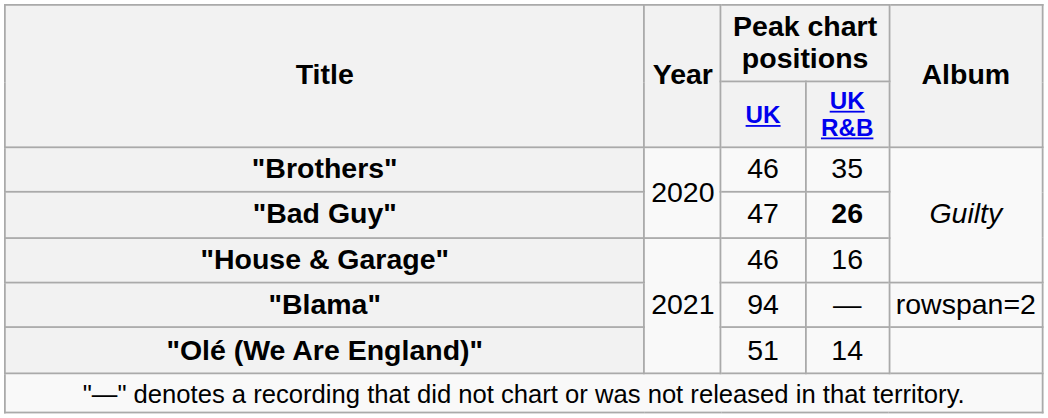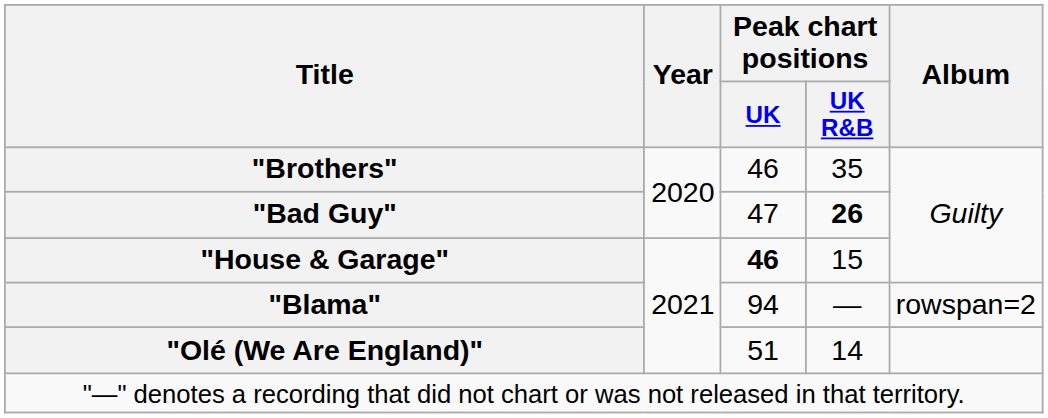 <table class="wikitable plainrowheaders" style="text-align:center;">
 <tr>
 <th scope="col" rowspan="2" style="width:22em;">Title</th>
 <th scope="col" rowspan="2">Year</th>
 <th scope="col" colspan="2">Peak chart positions</th>
 <th scope="col" rowspan="2">Album</th>
 </tr>
 <tr>
 <th scope="col" style="width:3em;font-size:85%;"><a href='#'>UK</a><br></th>
 <th scope="col" style="width:3em;font-size:85%;"><a href='#'>UK<br>R&B</a><br></th>
 </tr>
 <tr>
 <th scope="row">"Brothers"<br></th>
 <td rowspan=2>2020</td>
 <td>46</td>
 <td>35</td>
 <td rowspan=3><em>Guilty</em></td>
 </tr>
 <tr>
 <th scope="row">"Bad Guy"<br></th>
 <td>47</td>
 <td><strong>26</strong></td>
 </tr>
 <tr>
 <th scope="row">"House & Garage"<br></th>
 <td rowspan=3>2021</td>
-<td>46</td>
-<td>16</td>
+<td><strong>46</strong></td>
+<td>15</td>
 </tr>
 <tr>
 <th scope="row">"Blama"<br></th>
 <td>94</td>
 <td>—</td>
 <td>rowspan=2 </td>
 </tr>
 <tr>
 <th scope="row">"Olé (We Are England)"<br></th>
 <td>51</td>
 <td>14</td>
 </tr>
 <tr>
 <td colspan="7" style="font-size:90%">"—" denotes a recording that did not chart or was not released in that territory.</td>
 </tr>
 </table>
